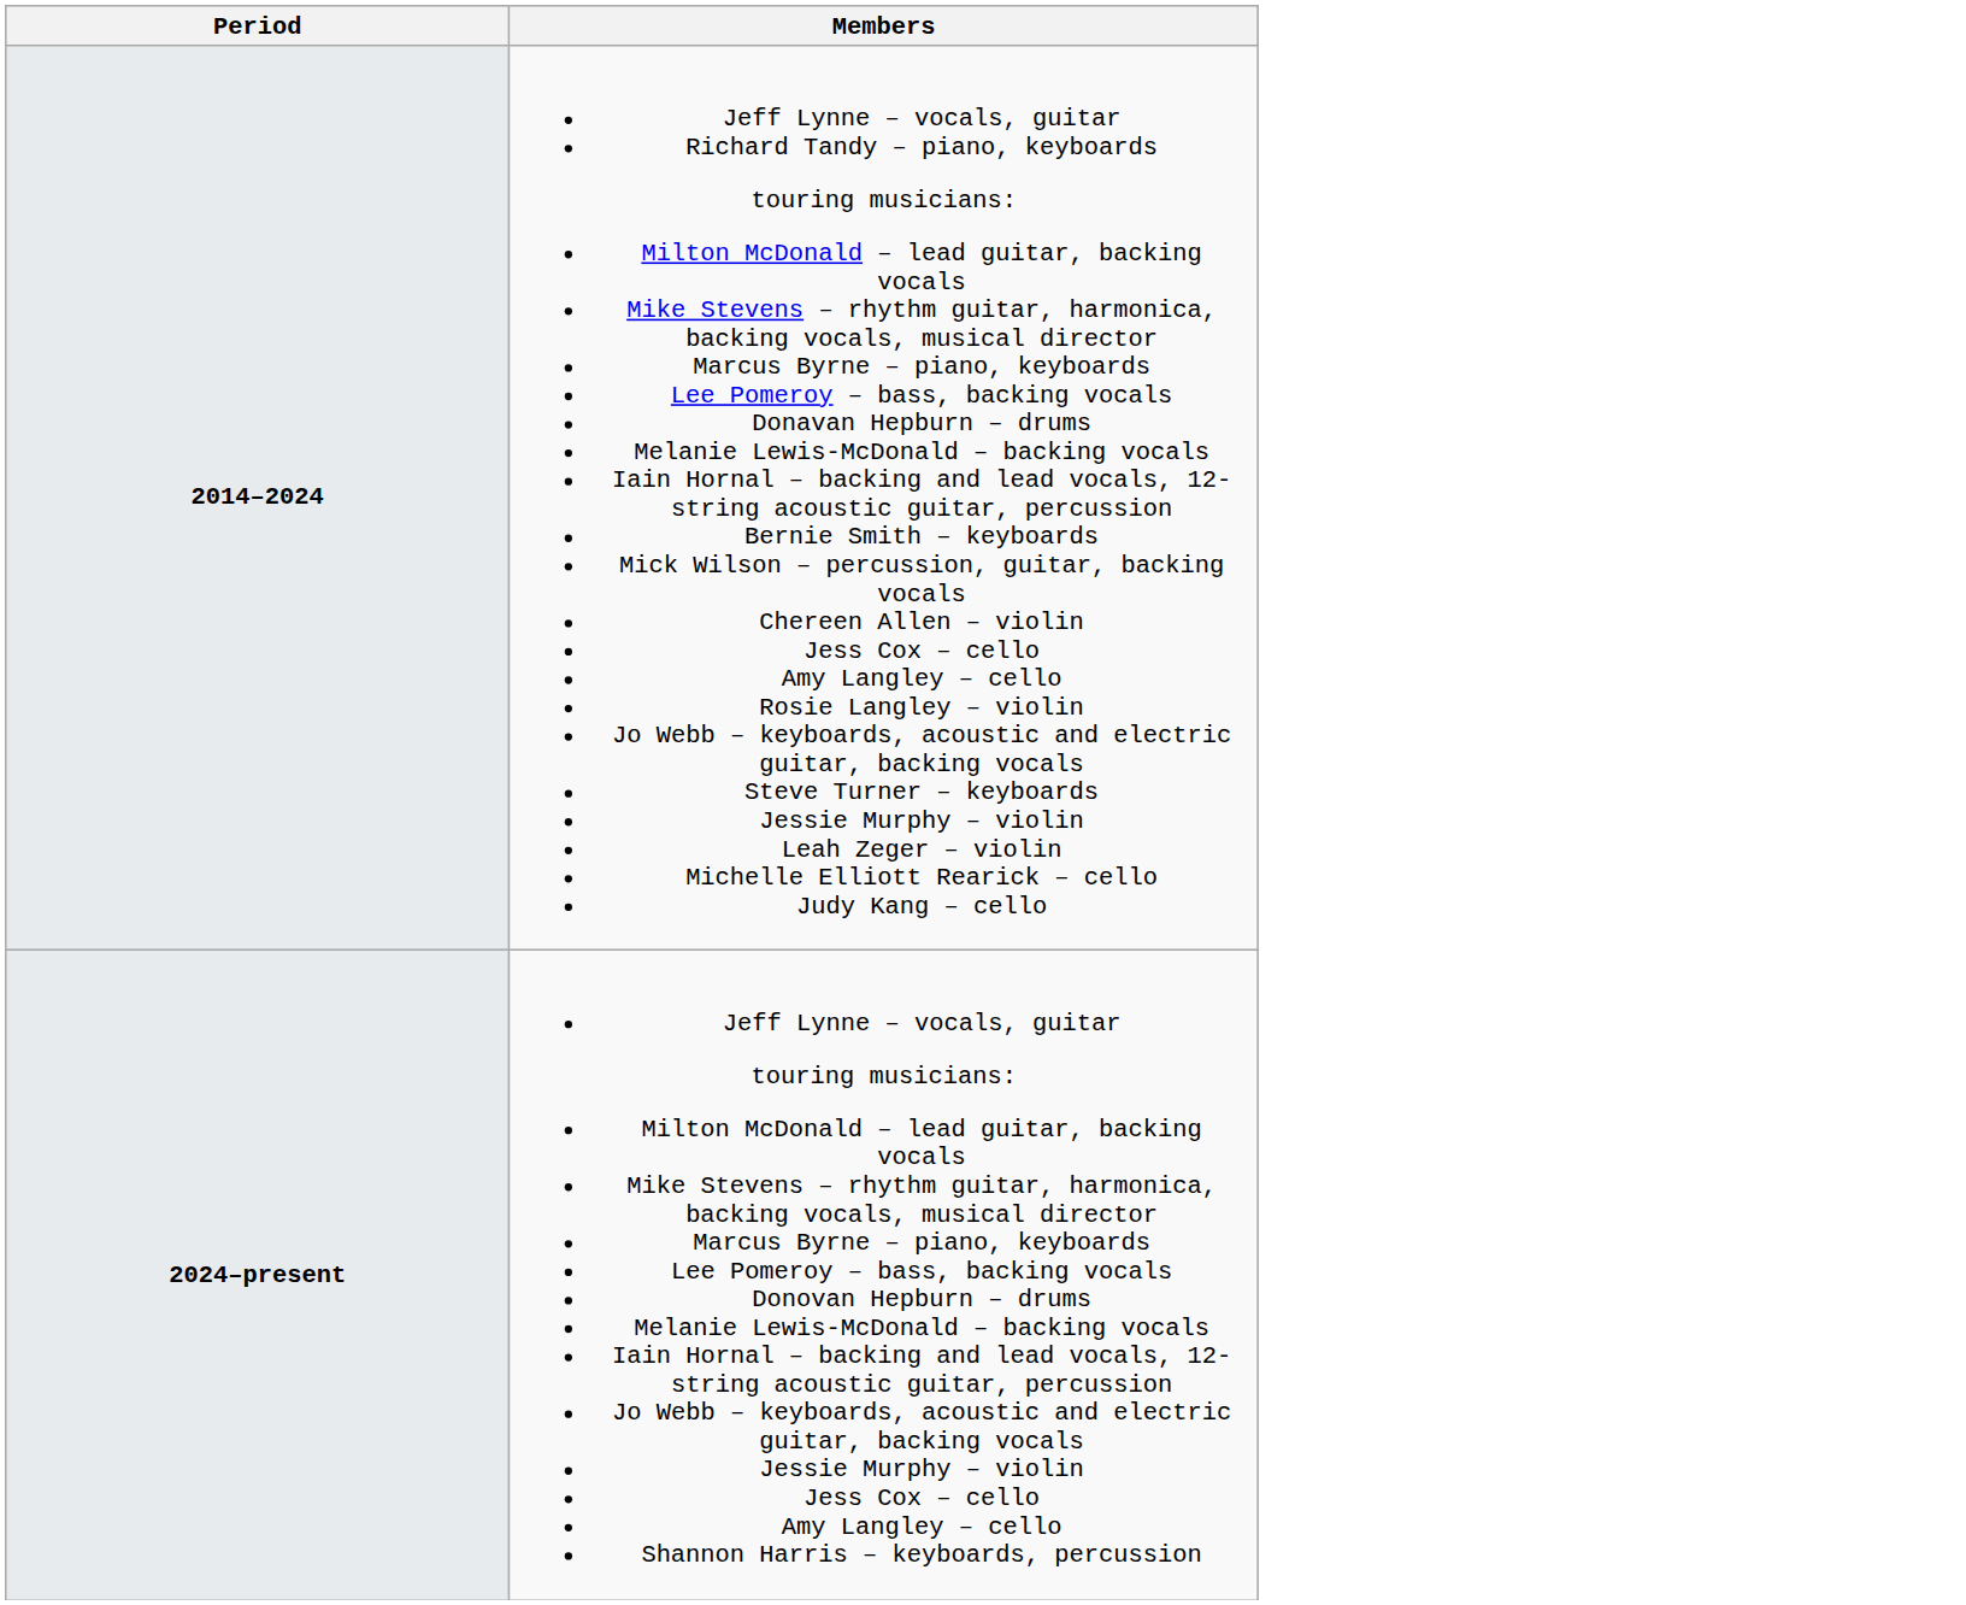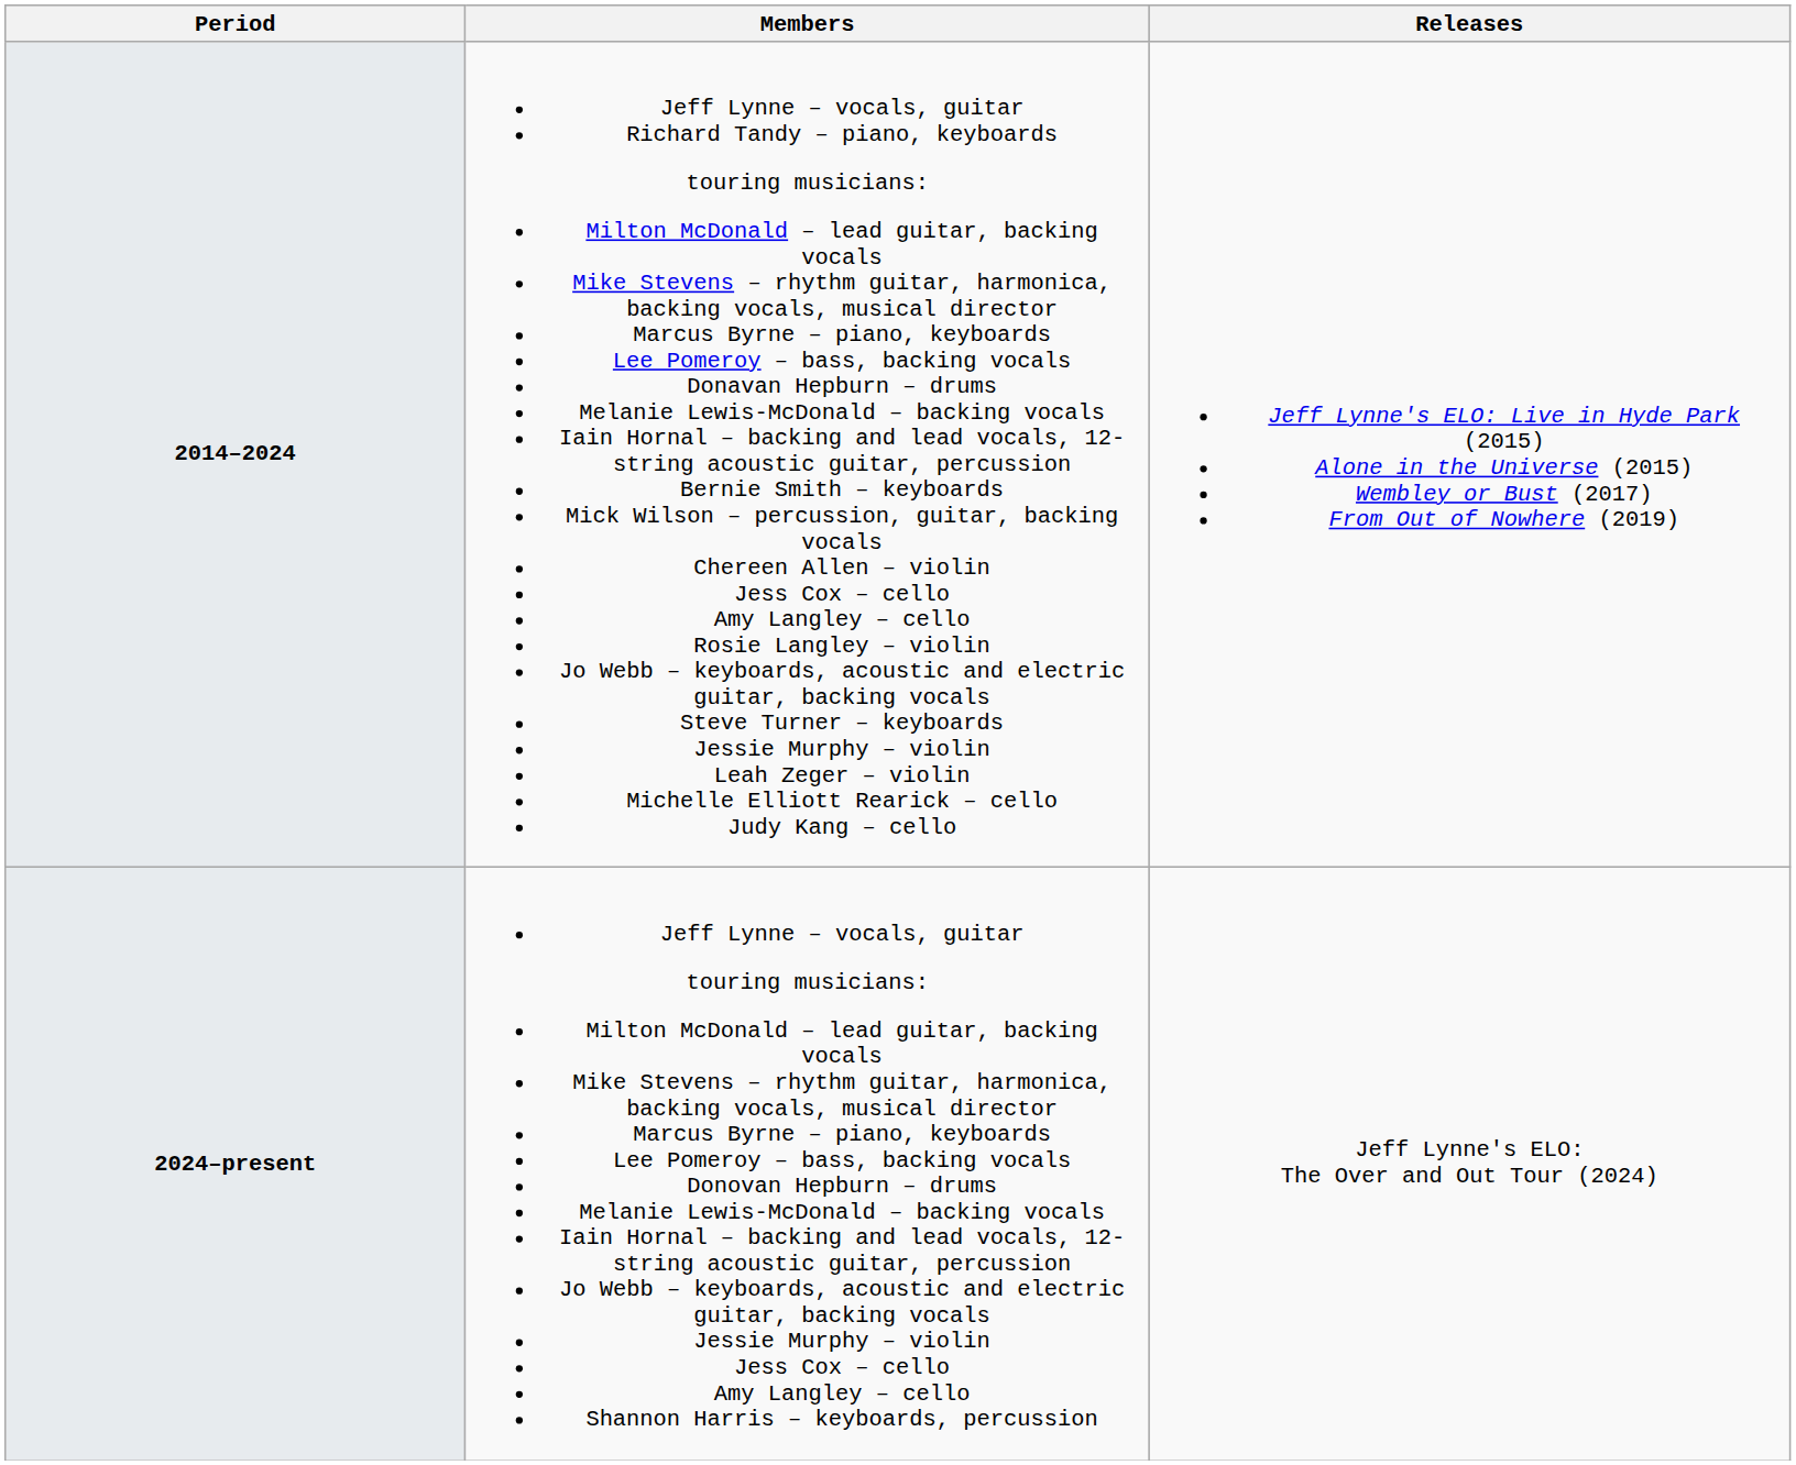 <table class="wikitable plainrowheaders" style="text-align:center;">
 <tr>
 <th scope="col" style="width:20em;">Period</th>
 <th scope="col" style="width:30em;">Members</th>
+<th scope="col" style="width:28em;">Releases</th>
 </tr>
 <tr>
 <th style="background:#e7ebee;">2014–2024</th>
 <td><br><ul><li>Jeff Lynne – vocals, guitar</li><li>Richard Tandy – piano, keyboards</li></ul>touring musicians:<ul><li><a href='#'>Milton McDonald</a> – lead guitar, backing vocals</li><li><a href='#'>Mike Stevens</a> – rhythm guitar, harmonica, backing vocals, musical director</li><li>Marcus Byrne – piano, keyboards</li><li><a href='#'>Lee Pomeroy</a> – bass, backing vocals</li><li>Donavan Hepburn – drums</li><li>Melanie Lewis-McDonald – backing vocals</li><li>Iain Hornal – backing and lead vocals, 12-string acoustic guitar, percussion</li><li>Bernie Smith – keyboards </li><li>Mick Wilson – percussion, guitar, backing vocals </li><li>Chereen Allen – violin </li><li>Jess Cox – cello </li><li>Amy Langley – cello </li><li>Rosie Langley – violin </li><li>Jo Webb – keyboards, acoustic and electric guitar, backing vocals </li><li>Steve Turner – keyboards </li><li>Jessie Murphy – violin </li><li>Leah Zeger – violin </li><li>Michelle Elliott Rearick – cello </li><li>Judy Kang – cello </li></ul></td>
+<td><br><ul><li><em><a href='#'>Jeff Lynne's ELO: Live in Hyde Park</a></em> (2015)</li><li><em><a href='#'>Alone in the Universe</a></em> (2015) </li><li><em><a href='#'>Wembley or Bust</a></em> (2017) </li><li><em><a href='#'>From Out of Nowhere</a></em> (2019)</li></ul></td>
 </tr>
 <tr>
 <th style="background:#e7ebee;">2024–present</th>
 <td><br><ul><li>Jeff Lynne – vocals, guitar</li></ul>touring musicians:<ul><li>Milton McDonald – lead guitar, backing vocals</li><li>Mike Stevens – rhythm guitar, harmonica, backing vocals, musical director</li><li>Marcus Byrne – piano, keyboards</li><li>Lee Pomeroy – bass, backing vocals</li><li>Donovan Hepburn – drums</li><li>Melanie Lewis-McDonald – backing vocals</li><li>Iain Hornal – backing and lead vocals, 12-string acoustic guitar, percussion</li><li>Jo Webb – keyboards, acoustic and electric guitar, backing vocals</li><li>Jessie Murphy – violin</li><li>Jess Cox – cello</li><li>Amy Langley – cello</li><li>Shannon Harris – keyboards, percussion</li></ul></td>
+<td>Jeff Lynne's ELO:<br>The Over and Out Tour (2024)</td>
 </tr>
 </table>
